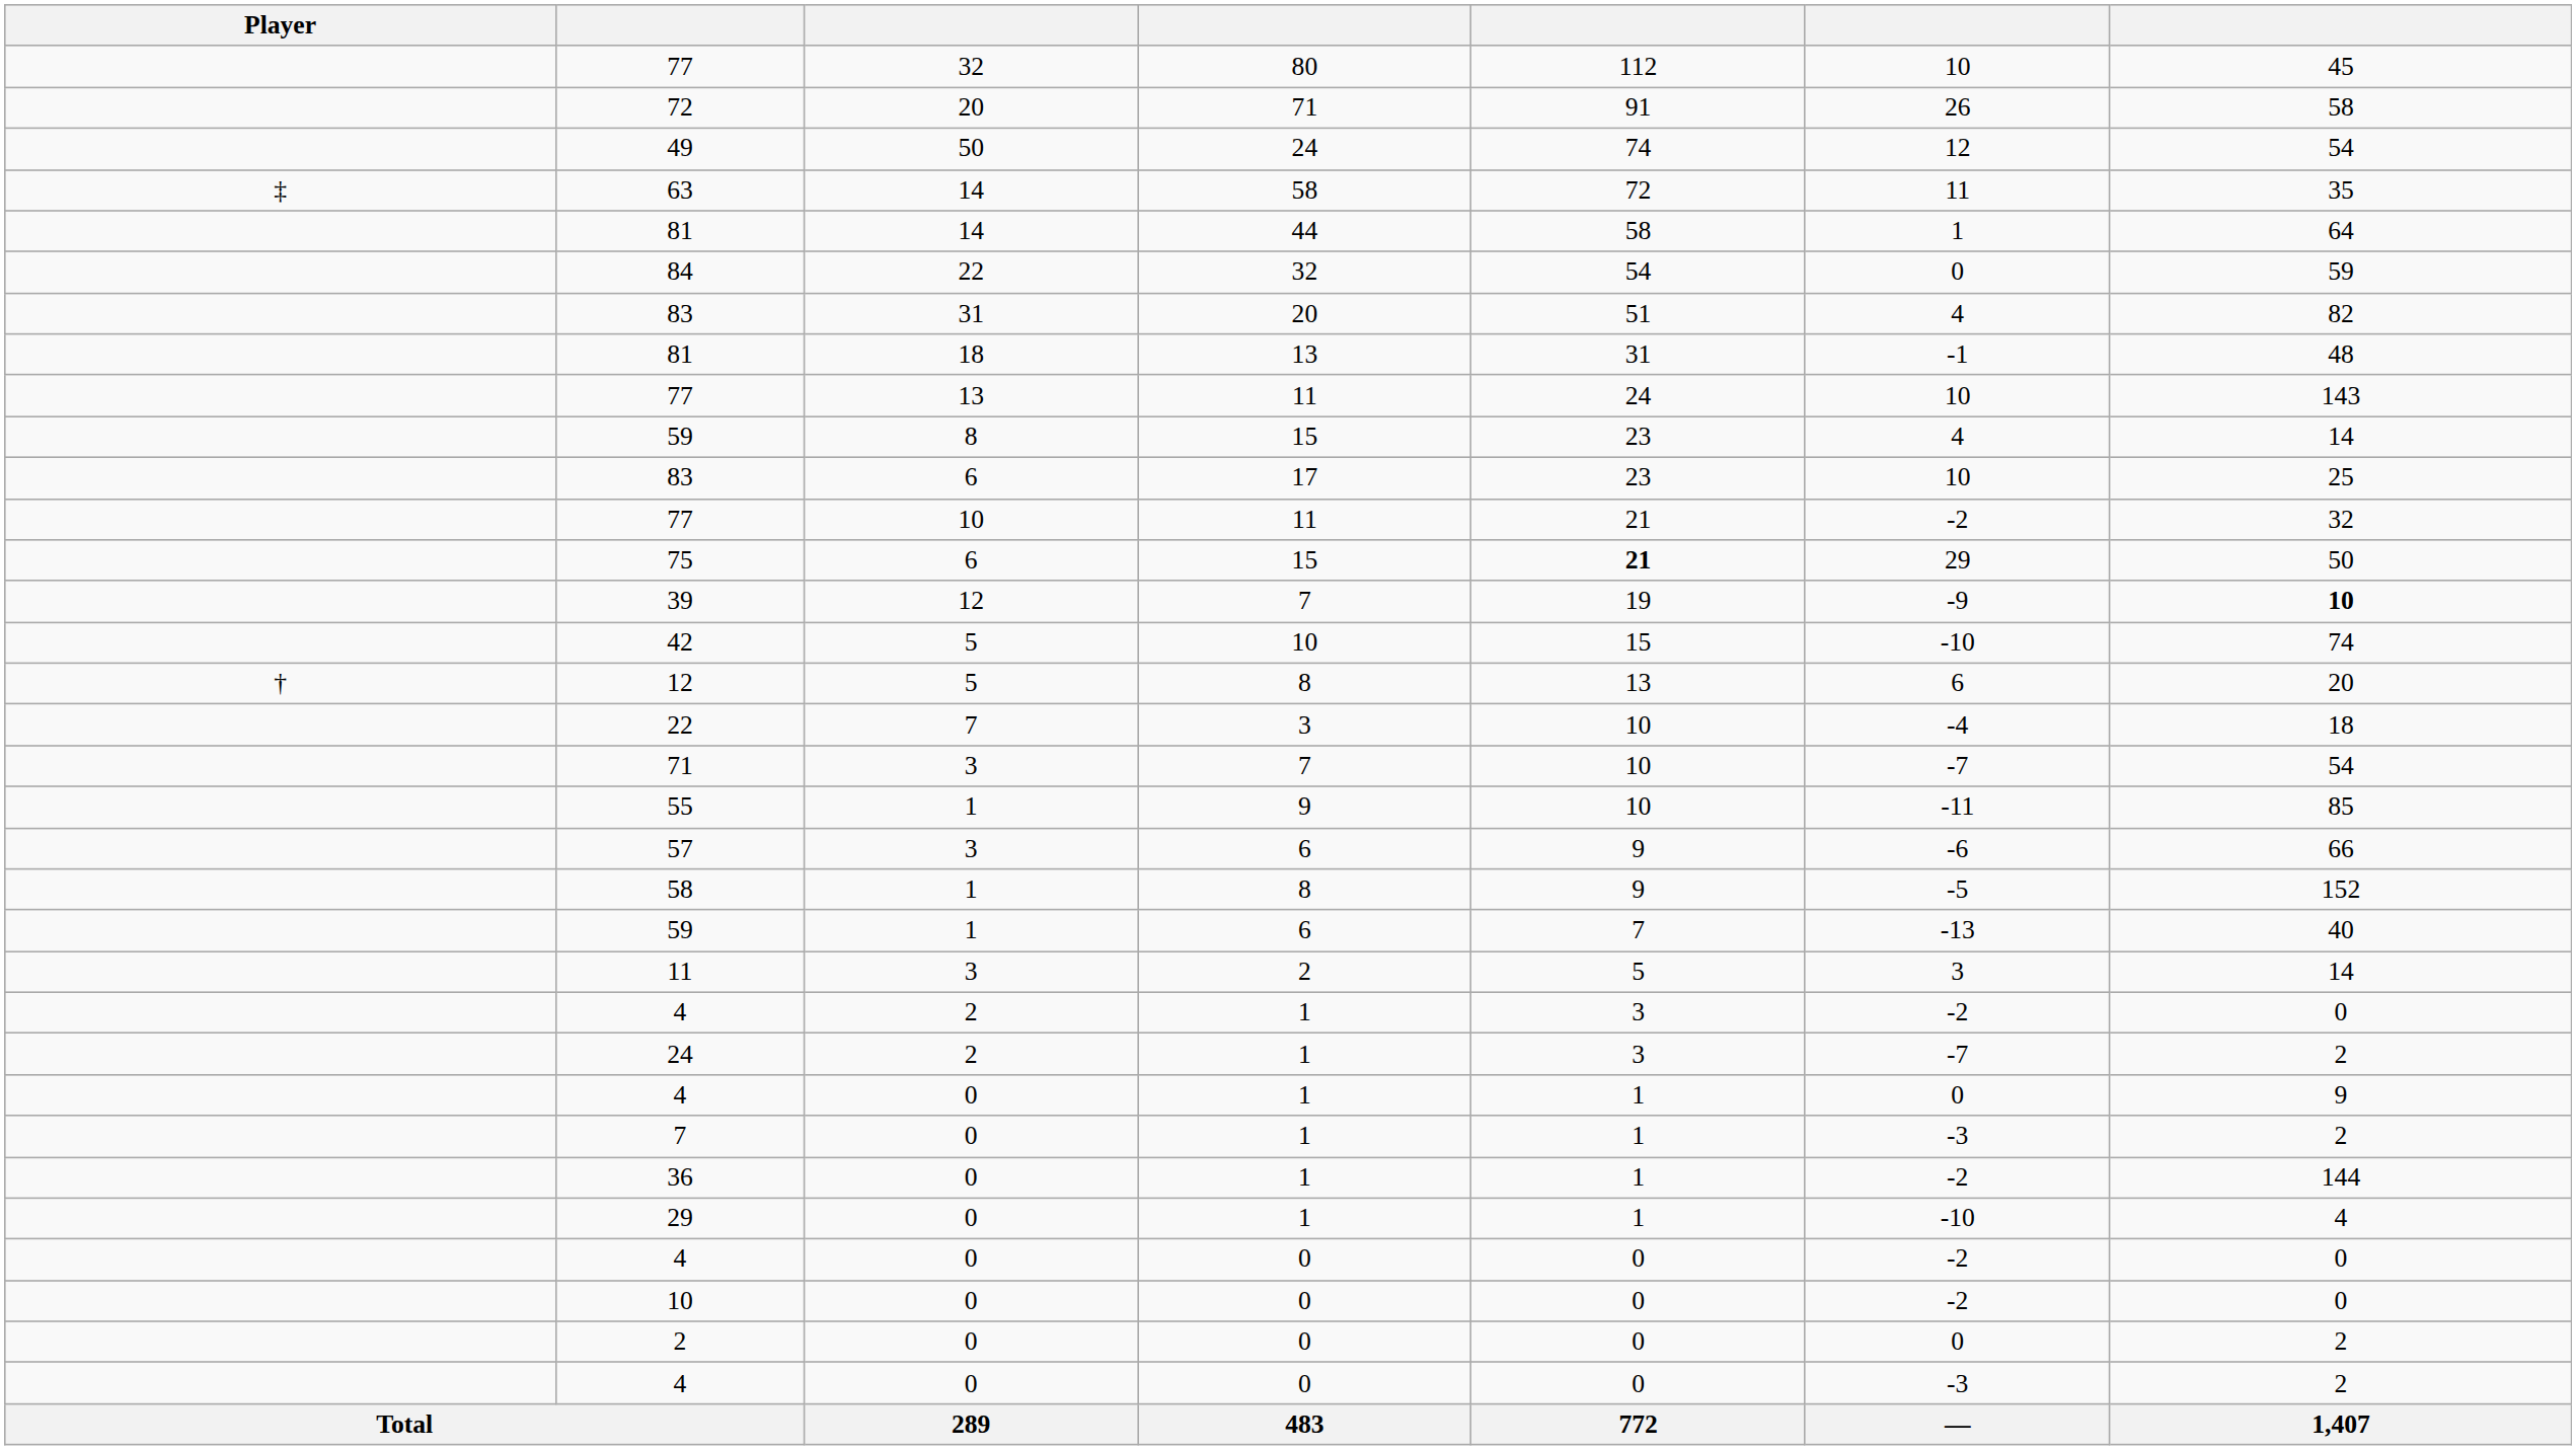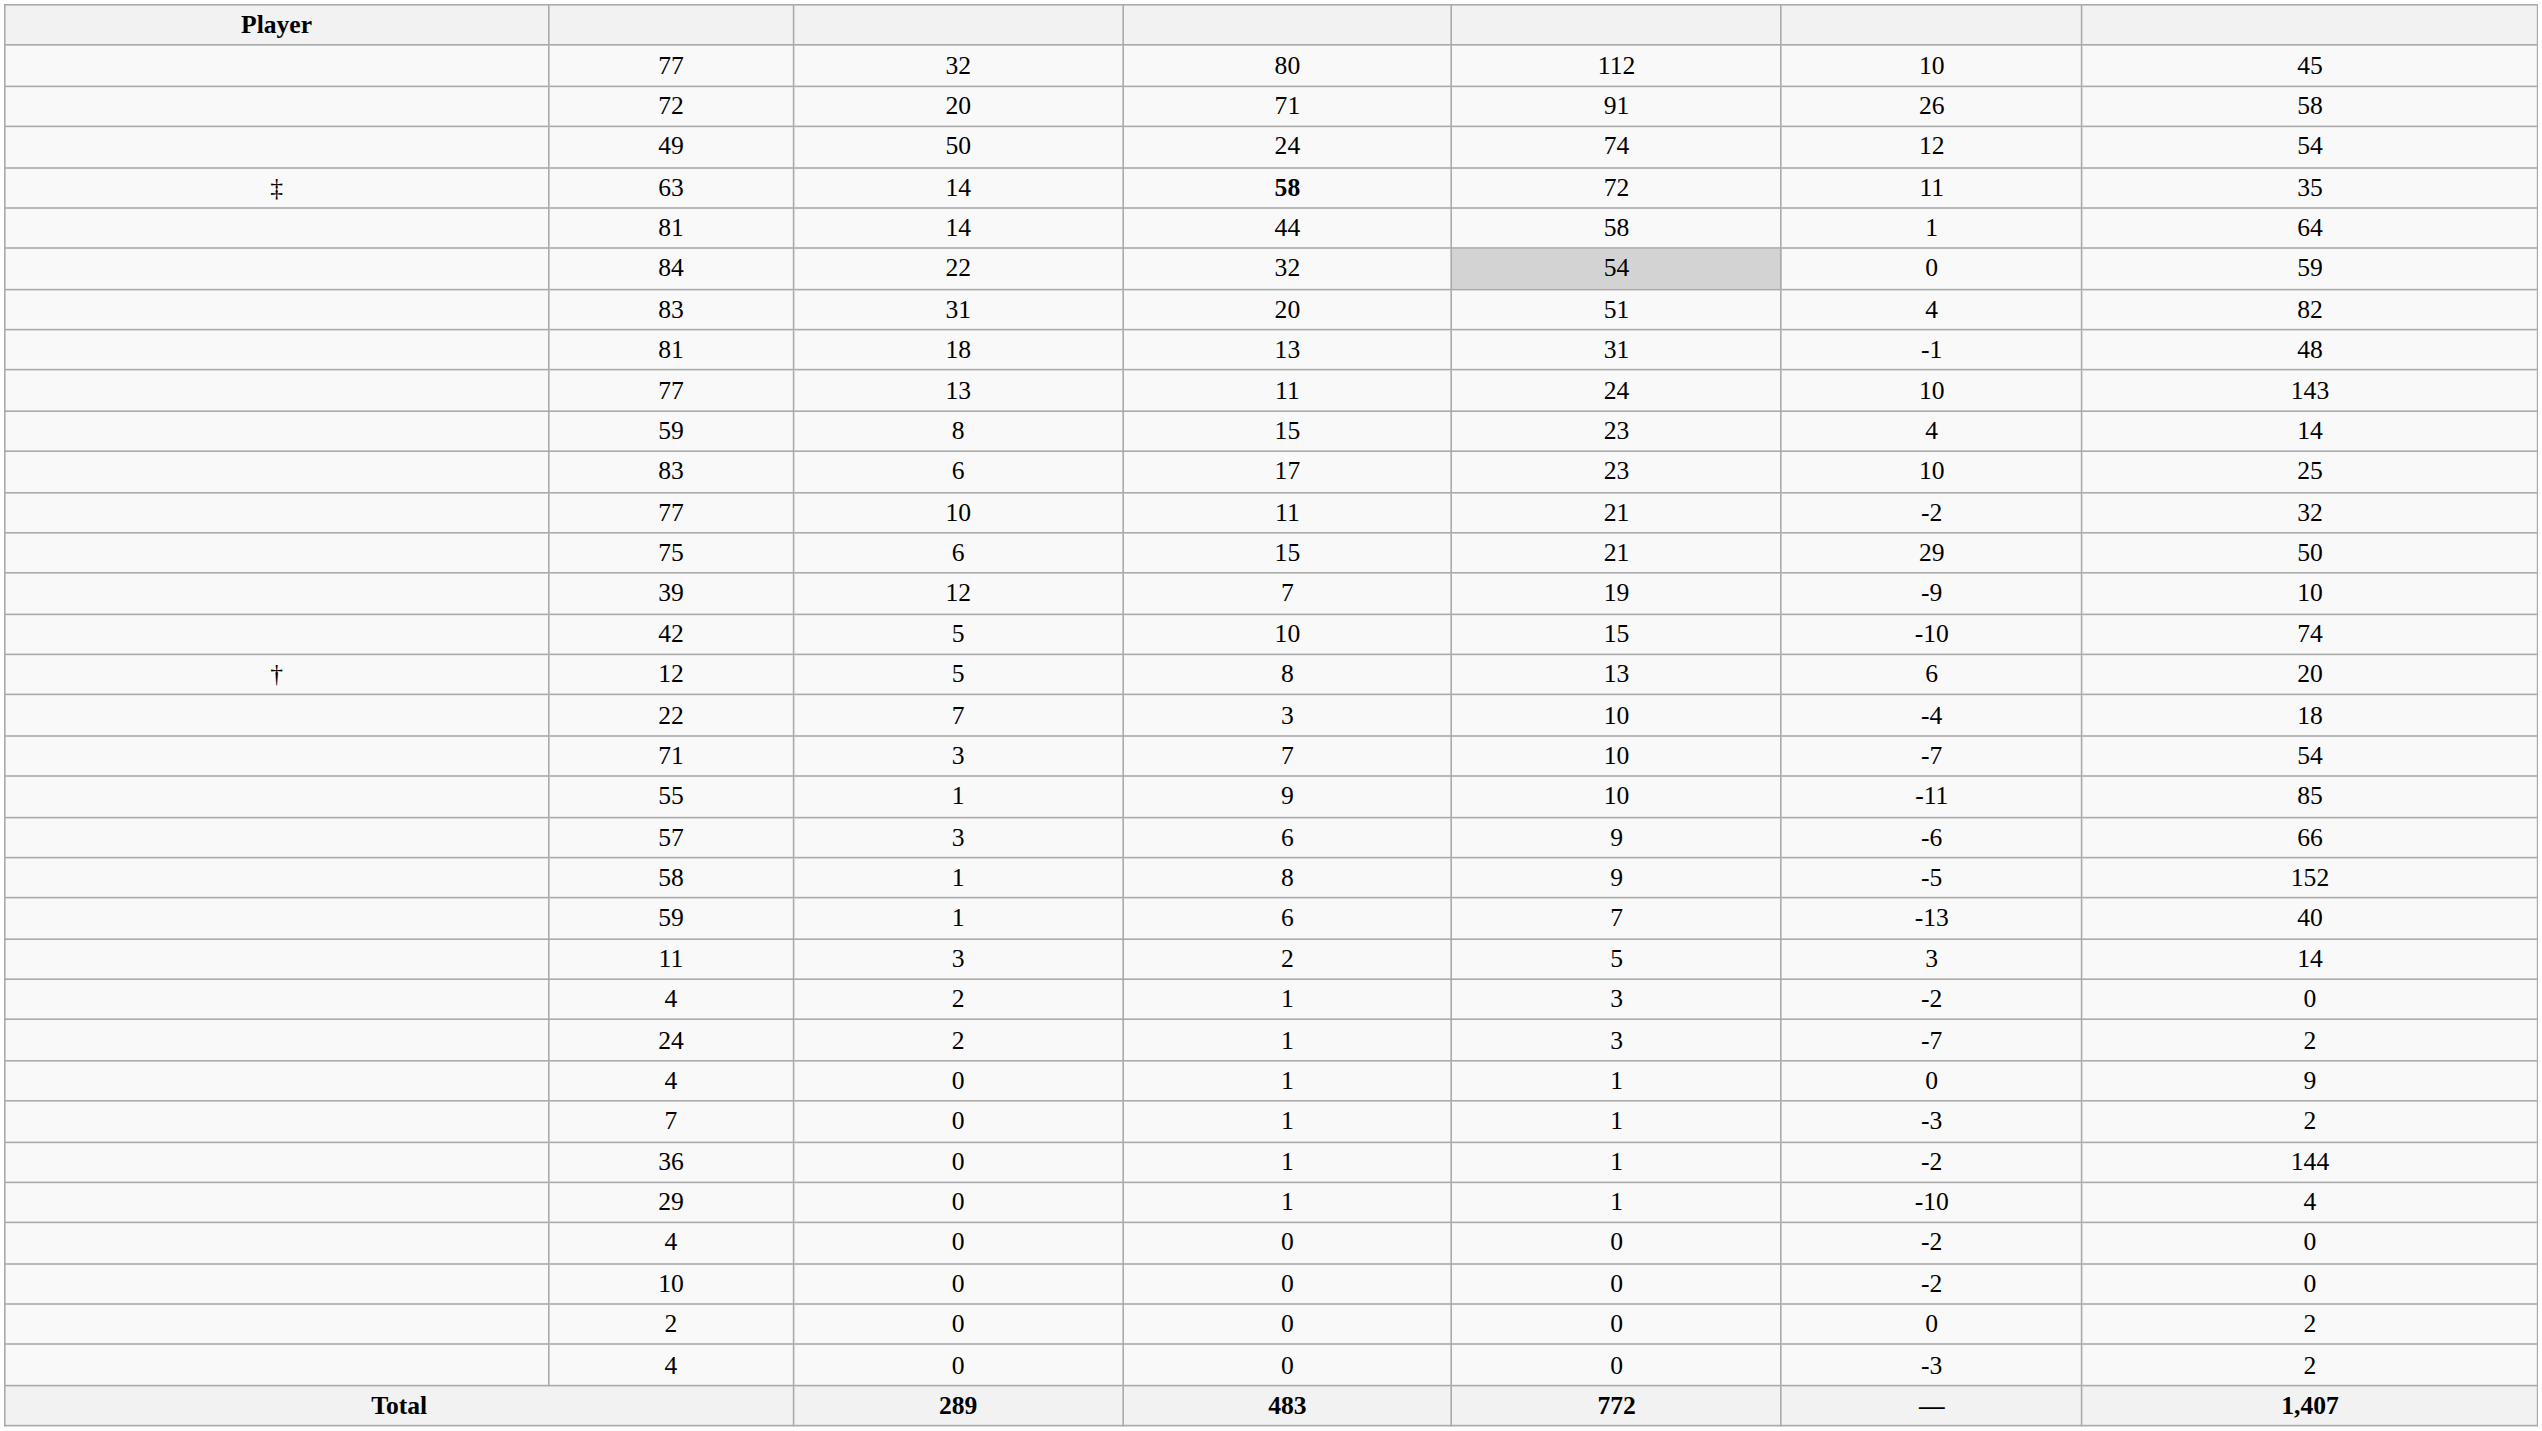 <table class="wikitable sortable" style="width:100%;">
 <tr align=center>
 <th>Player</th>
 <th></th>
 <th></th>
 <th></th>
 <th></th>
 <th data-sort-type="number"></th>
 <th></th>
 </tr>
 <tr align=center>
 <td></td>
 <td>77</td>
 <td>32</td>
 <td>80</td>
 <td>112</td>
 <td>10</td>
 <td>45</td>
 </tr>
 <tr align=center>
 <td></td>
 <td>72</td>
 <td>20</td>
 <td>71</td>
 <td>91</td>
 <td>26</td>
 <td>58</td>
 </tr>
 <tr align=center>
 <td></td>
 <td>49</td>
 <td>50</td>
 <td>24</td>
 <td>74</td>
 <td>12</td>
 <td>54</td>
 </tr>
 <tr align=center>
 <td> ‡</td>
 <td>63</td>
 <td>14</td>
-<td>58</td>
+<td><strong>58</strong></td>
 <td>72</td>
 <td>11</td>
 <td>35</td>
 </tr>
 <tr align=center>
 <td></td>
 <td>81</td>
 <td>14</td>
 <td>44</td>
 <td>58</td>
 <td>1</td>
 <td>64</td>
 </tr>
 <tr align=center>
 <td></td>
 <td>84</td>
 <td>22</td>
 <td>32</td>
-<td>54</td>
+<td style="background: lightgrey;">54</td>
 <td>0</td>
 <td>59</td>
 </tr>
 <tr align=center>
 <td></td>
 <td>83</td>
 <td>31</td>
 <td>20</td>
 <td>51</td>
 <td>4</td>
 <td>82</td>
 </tr>
 <tr align=center>
 <td></td>
 <td>81</td>
 <td>18</td>
 <td>13</td>
 <td>31</td>
 <td>-1</td>
 <td>48</td>
 </tr>
 <tr align=center>
 <td></td>
 <td>77</td>
 <td>13</td>
 <td>11</td>
 <td>24</td>
 <td>10</td>
 <td>143</td>
 </tr>
 <tr align=center>
 <td></td>
 <td>59</td>
 <td>8</td>
 <td>15</td>
 <td>23</td>
 <td>4</td>
 <td>14</td>
 </tr>
 <tr align=center>
 <td></td>
 <td>83</td>
 <td>6</td>
 <td>17</td>
 <td>23</td>
 <td>10</td>
 <td>25</td>
 </tr>
 <tr align=center>
 <td></td>
 <td>77</td>
 <td>10</td>
 <td>11</td>
 <td>21</td>
 <td>-2</td>
 <td>32</td>
 </tr>
 <tr align=center>
 <td></td>
 <td>75</td>
 <td>6</td>
 <td>15</td>
-<td><strong>21</strong></td>
+<td>21</td>
 <td>29</td>
 <td>50</td>
 </tr>
 <tr align=center>
 <td></td>
 <td>39</td>
 <td>12</td>
 <td>7</td>
 <td>19</td>
 <td>-9</td>
-<td><strong>10</strong></td>
+<td>10</td>
 </tr>
 <tr align=center>
 <td></td>
 <td>42</td>
 <td>5</td>
 <td>10</td>
 <td>15</td>
 <td>-10</td>
 <td>74</td>
 </tr>
 <tr align=center>
 <td> †</td>
 <td>12</td>
 <td>5</td>
 <td>8</td>
 <td>13</td>
 <td>6</td>
 <td>20</td>
 </tr>
 <tr align=center>
 <td></td>
 <td>22</td>
 <td>7</td>
 <td>3</td>
 <td>10</td>
 <td>-4</td>
 <td>18</td>
 </tr>
 <tr align=center>
 <td></td>
 <td>71</td>
 <td>3</td>
 <td>7</td>
 <td>10</td>
 <td>-7</td>
 <td>54</td>
 </tr>
 <tr align=center>
 <td></td>
 <td>55</td>
 <td>1</td>
 <td>9</td>
 <td>10</td>
 <td>-11</td>
 <td>85</td>
 </tr>
 <tr align=center>
 <td></td>
 <td>57</td>
 <td>3</td>
 <td>6</td>
 <td>9</td>
 <td>-6</td>
 <td>66</td>
 </tr>
 <tr align=center>
 <td></td>
 <td>58</td>
 <td>1</td>
 <td>8</td>
 <td>9</td>
 <td>-5</td>
 <td>152</td>
 </tr>
 <tr align=center>
 <td></td>
 <td>59</td>
 <td>1</td>
 <td>6</td>
 <td>7</td>
 <td>-13</td>
 <td>40</td>
 </tr>
 <tr align=center>
 <td></td>
 <td>11</td>
 <td>3</td>
 <td>2</td>
 <td>5</td>
 <td>3</td>
 <td>14</td>
 </tr>
 <tr align=center>
 <td></td>
 <td>4</td>
 <td>2</td>
 <td>1</td>
 <td>3</td>
 <td>-2</td>
 <td>0</td>
 </tr>
 <tr align=center>
 <td></td>
 <td>24</td>
 <td>2</td>
 <td>1</td>
 <td>3</td>
 <td>-7</td>
 <td>2</td>
 </tr>
 <tr align=center>
 <td></td>
 <td>4</td>
 <td>0</td>
 <td>1</td>
 <td>1</td>
 <td>0</td>
 <td>9</td>
 </tr>
 <tr align=center>
 <td></td>
 <td>7</td>
 <td>0</td>
 <td>1</td>
 <td>1</td>
 <td>-3</td>
 <td>2</td>
 </tr>
 <tr align=center>
 <td></td>
 <td>36</td>
 <td>0</td>
 <td>1</td>
 <td>1</td>
 <td>-2</td>
 <td>144</td>
 </tr>
 <tr align=center>
 <td></td>
 <td>29</td>
 <td>0</td>
 <td>1</td>
 <td>1</td>
 <td>-10</td>
 <td>4</td>
 </tr>
 <tr align=center>
 <td></td>
 <td>4</td>
 <td>0</td>
 <td>0</td>
 <td>0</td>
 <td>-2</td>
 <td>0</td>
 </tr>
 <tr align=center>
 <td></td>
 <td>10</td>
 <td>0</td>
 <td>0</td>
 <td>0</td>
 <td>-2</td>
 <td>0</td>
 </tr>
 <tr align=center>
 <td></td>
 <td>2</td>
 <td>0</td>
 <td>0</td>
 <td>0</td>
 <td>0</td>
 <td>2</td>
 </tr>
 <tr align=center>
 <td></td>
 <td>4</td>
 <td>0</td>
 <td>0</td>
 <td>0</td>
 <td>-3</td>
 <td>2</td>
 </tr>
 <tr class="sortbotom">
 <th colspan=2>Total</th>
 <th>289</th>
 <th>483</th>
 <th>772</th>
 <th>—</th>
 <th>1,407</th>
 </tr>
 </table>
